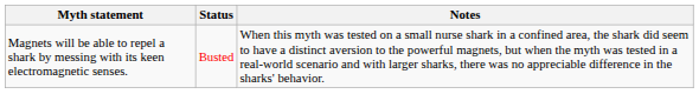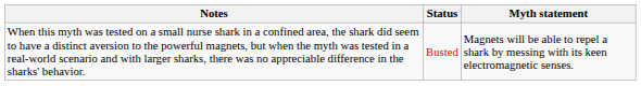 <table class="wikitable plainrowheaders">
 <tr>
+<th>Notes</th>
+<th>Status</th>
 <th>Myth statement</th>
-<th>Status</th>
-<th>Notes</th>
 </tr>
 <tr>
+<td>When this myth was tested on a small nurse shark in a confined area, the shark did seem to have a distinct aversion to the powerful magnets, but when the myth was tested in a real-world scenario and with larger sharks, there was no appreciable difference in the sharks' behavior.</td>
+<td style="color:red">Busted</td>
 <td>Magnets will be able to repel a shark by messing with its keen electromagnetic senses.</td>
-<td style="color:red">Busted</td>
-<td>When this myth was tested on a small nurse shark in a confined area, the shark did seem to have a distinct aversion to the powerful magnets, but when the myth was tested in a real-world scenario and with larger sharks, there was no appreciable difference in the sharks' behavior.</td>
 </tr>
 </table>
